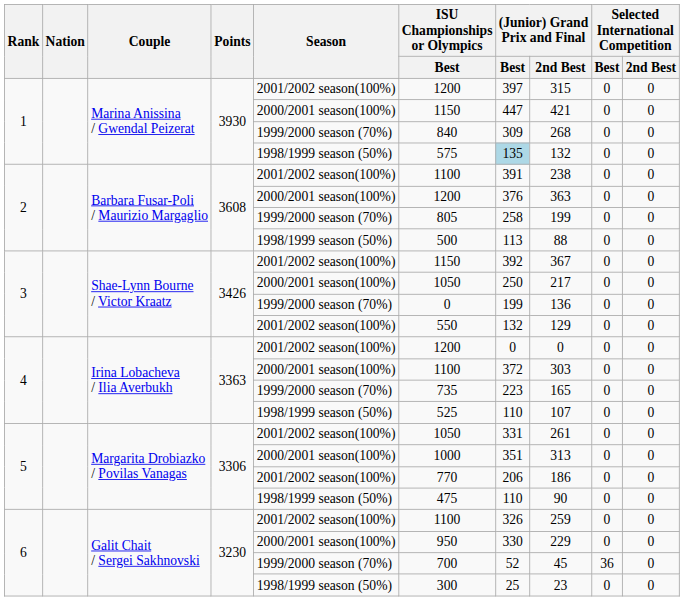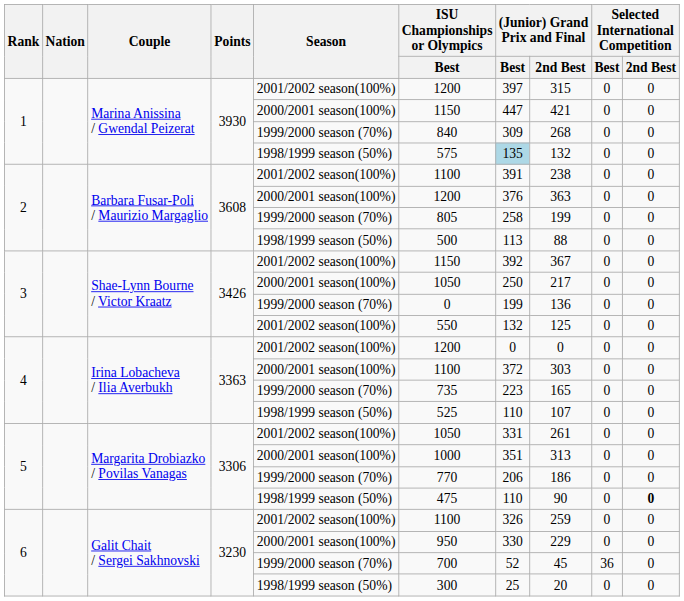 <table class="wikitable sortable" style="text-align: center;">
 <tr>
 <th rowspan="2">Rank</th>
 <th rowspan="2">Nation</th>
 <th rowspan="2">Couple</th>
 <th rowspan="2">Points</th>
 <th rowspan="2">Season</th>
 <th>ISU <br> Championships <br> or Olympics</th>
 <th colspan="2">(Junior) Grand <br> Prix and Final</th>
 <th colspan="2">Selected <br> International <br> Competition</th>
 </tr>
 <tr>
 <th>Best</th>
 <th>Best</th>
 <th>2nd Best</th>
 <th>Best</th>
 <th>2nd Best</th>
 </tr>
 <tr>
 <td rowspan="4">1</td>
 <td rowspan="4" style="text-align: left;"></td>
 <td rowspan="4" style="text-align: left;"><a href='#'>Marina Anissina</a> <br>/ <a href='#'>Gwendal Peizerat</a></td>
 <td rowspan="4">3930</td>
 <td style="text-align: left;">2001/2002 season(100%)</td>
 <td>1200</td>
 <td>397</td>
 <td>315</td>
 <td>0</td>
 <td>0</td>
 </tr>
 <tr>
 <td style="text-align: left;">2000/2001 season(100%)</td>
 <td>1150</td>
 <td>447</td>
 <td>421</td>
 <td>0</td>
 <td>0</td>
 </tr>
 <tr>
 <td style="text-align: left;">1999/2000 season (70%)</td>
 <td>840</td>
 <td>309</td>
 <td>268</td>
 <td>0</td>
 <td>0</td>
 </tr>
 <tr>
 <td style="text-align: left;">1998/1999 season (50%)</td>
 <td>575</td>
 <td style="background: lightblue;">135</td>
 <td>132</td>
 <td>0</td>
 <td>0</td>
 </tr>
 <tr>
 <td rowspan="4">2</td>
 <td rowspan="4" style="text-align: left;"></td>
 <td rowspan="4" style="text-align: left;"><a href='#'>Barbara Fusar-Poli</a> <br>/ <a href='#'>Maurizio Margaglio</a></td>
 <td rowspan="4">3608</td>
 <td style="text-align: left;">2001/2002 season(100%)</td>
 <td>1100</td>
 <td>391</td>
 <td>238</td>
 <td>0</td>
 <td>0</td>
 </tr>
 <tr>
 <td style="text-align: left;">2000/2001 season(100%)</td>
 <td>1200</td>
 <td>376</td>
 <td>363</td>
 <td>0</td>
 <td>0</td>
 </tr>
 <tr>
 <td style="text-align: left;">1999/2000 season (70%)</td>
 <td>805</td>
 <td>258</td>
 <td>199</td>
 <td>0</td>
 <td>0</td>
 </tr>
 <tr>
 <td style="text-align: left;">1998/1999 season (50%)</td>
 <td>500</td>
 <td>113</td>
 <td>88</td>
 <td>0</td>
 <td>0</td>
 </tr>
 <tr>
 <td rowspan="4">3</td>
 <td rowspan="4" style="text-align: left;"></td>
 <td rowspan="4" style="text-align: left;"><a href='#'>Shae-Lynn Bourne</a> <br>/ <a href='#'>Victor Kraatz</a></td>
 <td rowspan="4">3426</td>
 <td style="text-align: left;">2001/2002 season(100%)</td>
 <td>1150</td>
 <td>392</td>
 <td>367</td>
 <td>0</td>
 <td>0</td>
 </tr>
 <tr>
 <td style="text-align: left;">2000/2001 season(100%)</td>
 <td>1050</td>
 <td>250</td>
 <td>217</td>
 <td>0</td>
 <td>0</td>
 </tr>
 <tr>
 <td style="text-align: left;">1999/2000 season (70%)</td>
 <td>0</td>
 <td>199</td>
 <td>136</td>
 <td>0</td>
 <td>0</td>
 </tr>
 <tr>
 <td style="text-align: left;">2001/2002 season(100%)</td>
 <td>550</td>
 <td>132</td>
-<td>129</td>
+<td>125</td>
 <td>0</td>
 <td>0</td>
 </tr>
 <tr>
 <td rowspan="4">4</td>
 <td rowspan="4" style="text-align: left;"></td>
 <td rowspan="4" style="text-align: left;"><a href='#'>Irina Lobacheva</a> <br>/ <a href='#'>Ilia Averbukh</a></td>
 <td rowspan="4">3363</td>
 <td style="text-align: left;">2001/2002 season(100%)</td>
 <td>1200</td>
 <td>0</td>
 <td>0</td>
 <td>0</td>
 <td>0</td>
 </tr>
 <tr>
 <td style="text-align: left;">2000/2001 season(100%)</td>
 <td>1100</td>
 <td>372</td>
 <td>303</td>
 <td>0</td>
 <td>0</td>
 </tr>
 <tr>
 <td style="text-align: left;">1999/2000 season (70%)</td>
 <td>735</td>
 <td>223</td>
 <td>165</td>
 <td>0</td>
 <td>0</td>
 </tr>
 <tr>
 <td style="text-align: left;">1998/1999 season (50%)</td>
 <td>525</td>
 <td>110</td>
 <td>107</td>
 <td>0</td>
 <td>0</td>
 </tr>
 <tr>
 <td rowspan="4">5</td>
 <td rowspan="4" style="text-align: left;"></td>
 <td rowspan="4" style="text-align: left;"><a href='#'>Margarita Drobiazko</a> <br>/ <a href='#'>Povilas Vanagas</a></td>
 <td rowspan="4">3306</td>
 <td style="text-align: left;">2001/2002 season(100%)</td>
 <td>1050</td>
 <td>331</td>
 <td>261</td>
 <td>0</td>
 <td>0</td>
 </tr>
 <tr>
 <td style="text-align: left;">2000/2001 season(100%)</td>
 <td>1000</td>
 <td>351</td>
 <td>313</td>
 <td>0</td>
 <td>0</td>
 </tr>
 <tr>
-<td style="text-align: left;">2001/2002 season(100%)</td>
+<td style="text-align: left;">1999/2000 season (70%)</td>
 <td>770</td>
 <td>206</td>
 <td>186</td>
 <td>0</td>
 <td>0</td>
 </tr>
 <tr>
 <td style="text-align: left;">1998/1999 season (50%)</td>
 <td>475</td>
 <td>110</td>
 <td>90</td>
 <td>0</td>
-<td>0</td>
+<td><strong>0</strong></td>
 </tr>
 <tr>
 <td rowspan="4">6</td>
 <td rowspan="4" style="text-align: left;"></td>
 <td rowspan="4" style="text-align: left;"><a href='#'>Galit Chait</a> <br>/ <a href='#'>Sergei Sakhnovski</a></td>
 <td rowspan="4">3230</td>
 <td style="text-align: left;">2001/2002 season(100%)</td>
 <td>1100</td>
 <td>326</td>
 <td>259</td>
 <td>0</td>
 <td>0</td>
 </tr>
 <tr>
 <td style="text-align: left;">2000/2001 season(100%)</td>
 <td>950</td>
 <td>330</td>
 <td>229</td>
 <td>0</td>
 <td>0</td>
 </tr>
 <tr>
 <td style="text-align: left;">1999/2000 season (70%)</td>
 <td>700</td>
 <td>52</td>
 <td>45</td>
 <td>36</td>
 <td>0</td>
 </tr>
 <tr>
 <td style="text-align: left;">1998/1999 season (50%)</td>
 <td>300</td>
 <td>25</td>
-<td>23</td>
+<td>20</td>
 <td>0</td>
 <td>0</td>
 </tr>
 </table>
